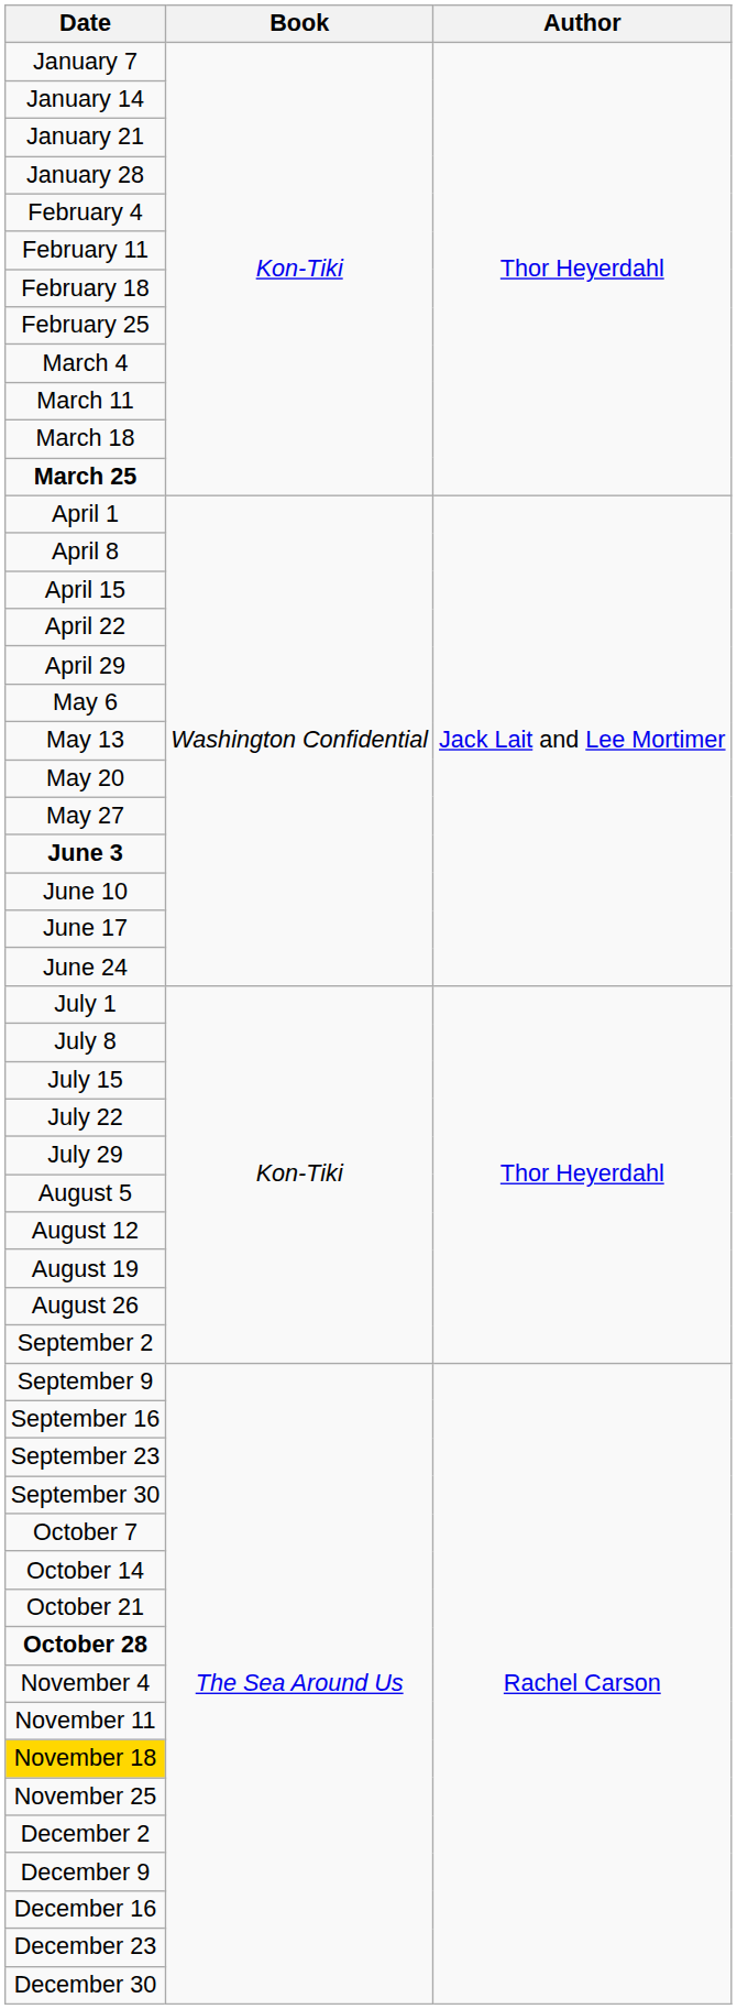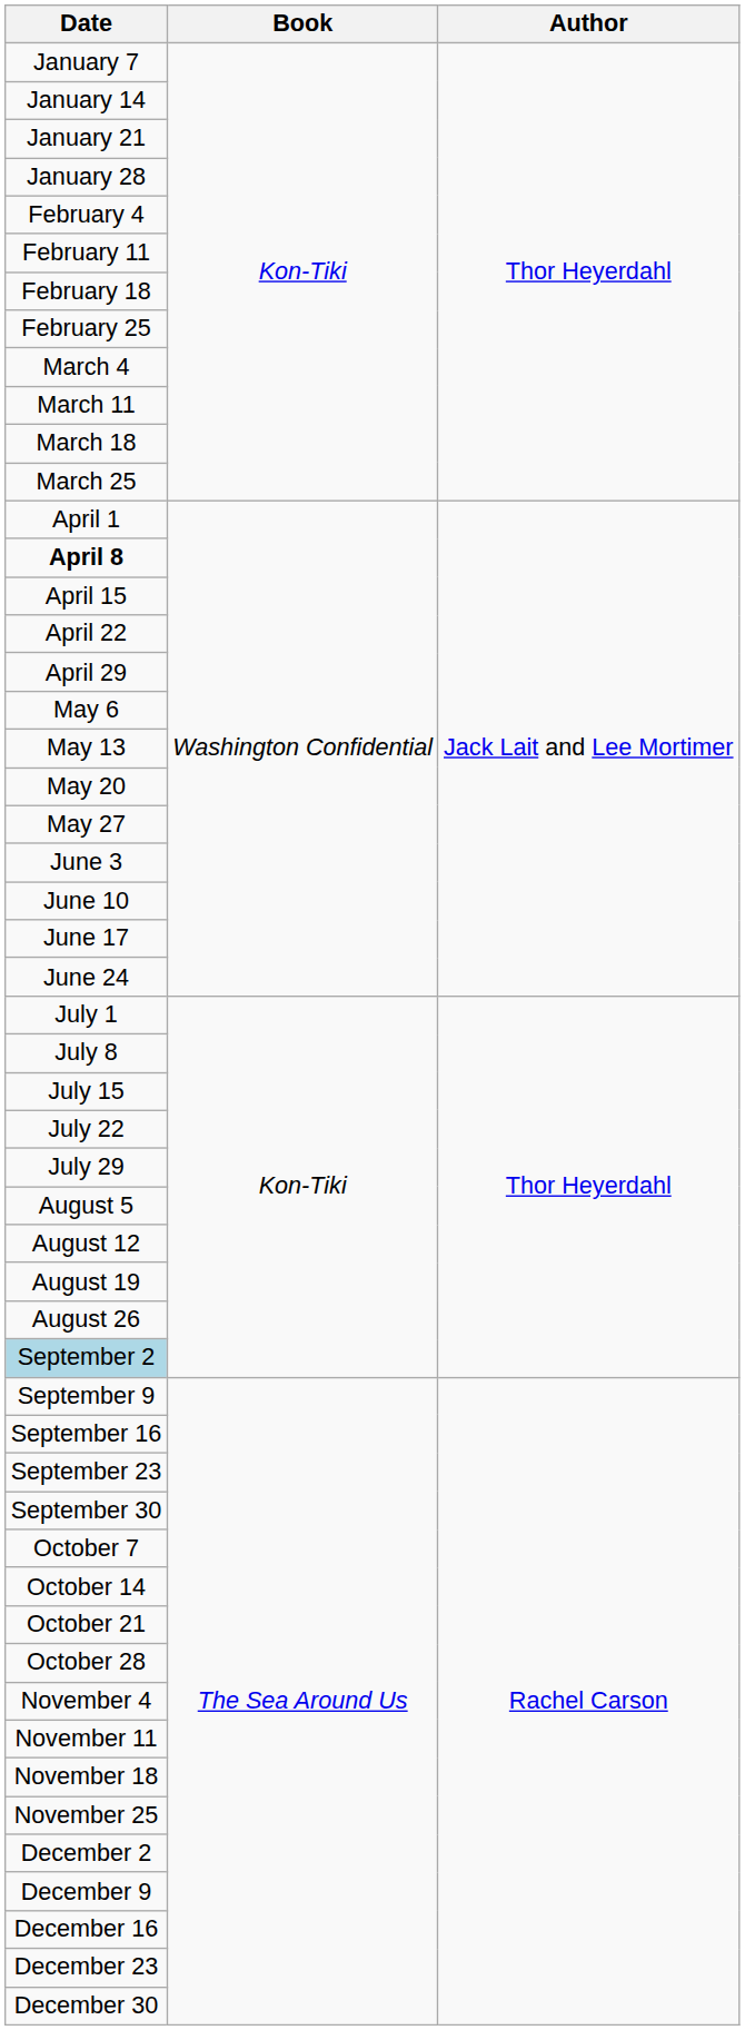 <table class="wikitable sortable" style="text-align: center">
 <tr>
 <th>Date</th>
 <th>Book</th>
 <th>Author</th>
 </tr>
 <tr>
 <td>January 7</td>
 <td rowspan=12><em><a href='#'>Kon-Tiki</a></em></td>
 <td rowspan=12><a href='#'>Thor Heyerdahl</a></td>
 </tr>
 <tr>
 <td>January 14</td>
 </tr>
 <tr>
 <td>January 21</td>
 </tr>
 <tr>
 <td>January 28</td>
 </tr>
 <tr>
 <td>February 4</td>
 </tr>
 <tr>
 <td>February 11</td>
 </tr>
 <tr>
 <td>February 18</td>
 </tr>
 <tr>
 <td>February 25</td>
 </tr>
 <tr>
 <td>March 4</td>
 </tr>
 <tr>
 <td>March 11</td>
 </tr>
 <tr>
 <td>March 18</td>
 </tr>
 <tr>
-<td><strong>March 25</strong></td>
+<td>March 25</td>
 </tr>
 <tr>
 <td>April 1</td>
 <td rowspan=13><em>Washington Confidential</em></td>
 <td rowspan=13><a href='#'>Jack Lait</a> and <a href='#'>Lee Mortimer</a></td>
 </tr>
 <tr>
-<td>April 8</td>
+<td><strong>April 8</strong></td>
 </tr>
 <tr>
 <td>April 15</td>
 </tr>
 <tr>
 <td>April 22</td>
 </tr>
 <tr>
 <td>April 29</td>
 </tr>
 <tr>
 <td>May 6</td>
 </tr>
 <tr>
 <td>May 13</td>
 </tr>
 <tr>
 <td>May 20</td>
 </tr>
 <tr>
 <td>May 27</td>
 </tr>
 <tr>
-<td><strong>June 3</strong></td>
+<td>June 3</td>
 </tr>
 <tr>
 <td>June 10</td>
 </tr>
 <tr>
 <td>June 17</td>
 </tr>
 <tr>
 <td>June 24</td>
 </tr>
 <tr>
 <td>July 1</td>
 <td rowspan=10><em>Kon-Tiki</em></td>
 <td rowspan=10><a href='#'>Thor Heyerdahl</a></td>
 </tr>
 <tr>
 <td>July 8</td>
 </tr>
 <tr>
 <td>July 15</td>
 </tr>
 <tr>
 <td>July 22</td>
 </tr>
 <tr>
 <td>July 29</td>
 </tr>
 <tr>
 <td>August 5</td>
 </tr>
 <tr>
 <td>August 12</td>
 </tr>
 <tr>
 <td>August 19</td>
 </tr>
 <tr>
 <td>August 26</td>
 </tr>
 <tr>
-<td>September 2</td>
+<td style="background: lightblue;">September 2</td>
 </tr>
 <tr>
 <td>September 9</td>
 <td rowspan=17><em><a href='#'>The Sea Around Us</a></em></td>
 <td rowspan=17><a href='#'>Rachel Carson</a></td>
 </tr>
 <tr>
 <td>September 16</td>
 </tr>
 <tr>
 <td>September 23</td>
 </tr>
 <tr>
 <td>September 30</td>
 </tr>
 <tr>
 <td>October 7</td>
 </tr>
 <tr>
 <td>October 14</td>
 </tr>
 <tr>
 <td>October 21</td>
 </tr>
 <tr>
-<td><strong>October 28</strong></td>
+<td>October 28</td>
 </tr>
 <tr>
 <td>November 4</td>
 </tr>
 <tr>
 <td>November 11</td>
 </tr>
 <tr>
-<td style="background: gold;">November 18</td>
+<td>November 18</td>
 </tr>
 <tr>
 <td>November 25</td>
 </tr>
 <tr>
 <td>December 2</td>
 </tr>
 <tr>
 <td>December 9</td>
 </tr>
 <tr>
 <td>December 16</td>
 </tr>
 <tr>
 <td>December 23</td>
 </tr>
 <tr>
 <td>December 30</td>
 </tr>
 </table>
